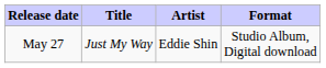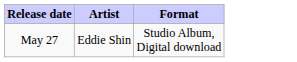 <table class="wikitable" style="text-align:center">
 <tr>
 <th style="background:#CCF;">Release date</th>
-<th style="background:#CCF;">Title</th>
 <th style="background:#CCF;">Artist</th>
 <th style="background:#CCF;">Format</th>
 </tr>
 <tr>
 <td>May 27</td>
-<td><em>Just My Way</em></td>
 <td>Eddie Shin</td>
 <td>Studio Album,<br>Digital download</td>
 </tr>
 </table>
